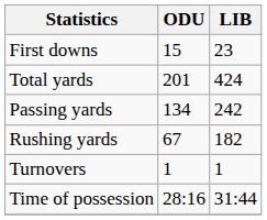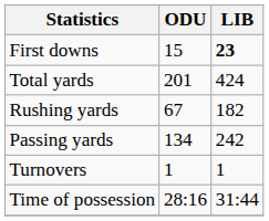 <table class="wikitable">
 <tr>
 <th>Statistics</th>
 <th>ODU</th>
 <th>LIB</th>
 </tr>
 <tr>
 <td>First downs</td>
 <td>15</td>
-<td>23</td>
+<td><strong>23</strong></td>
 </tr>
 <tr>
 <td>Total yards</td>
 <td>201</td>
 <td>424</td>
 </tr>
 <tr>
+<td>Rushing yards</td>
+<td>67</td>
+<td>182</td>
+</tr>
+<tr>
 <td>Passing yards</td>
 <td>134</td>
 <td>242</td>
-</tr>
-<tr>
-<td>Rushing yards</td>
-<td>67</td>
-<td>182</td>
 </tr>
 <tr>
 <td>Turnovers</td>
 <td>1</td>
 <td>1</td>
 </tr>
 <tr>
 <td>Time of possession</td>
 <td>28:16</td>
 <td>31:44</td>
 </tr>
 <tr>
 </tr>
 </table>
